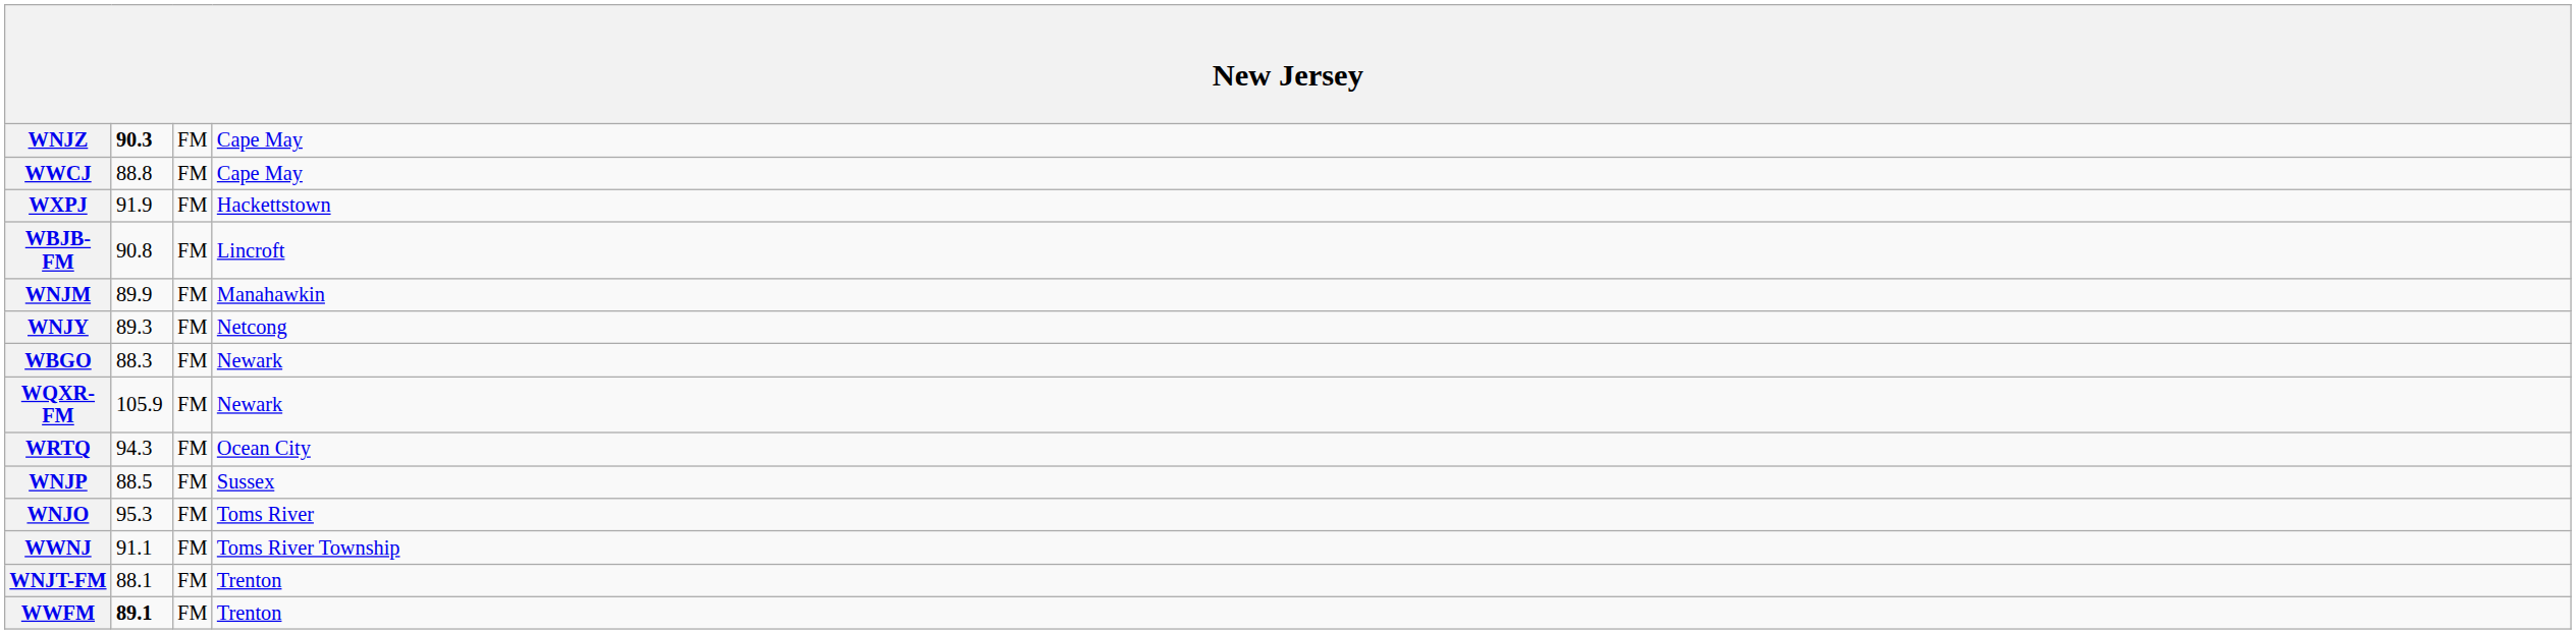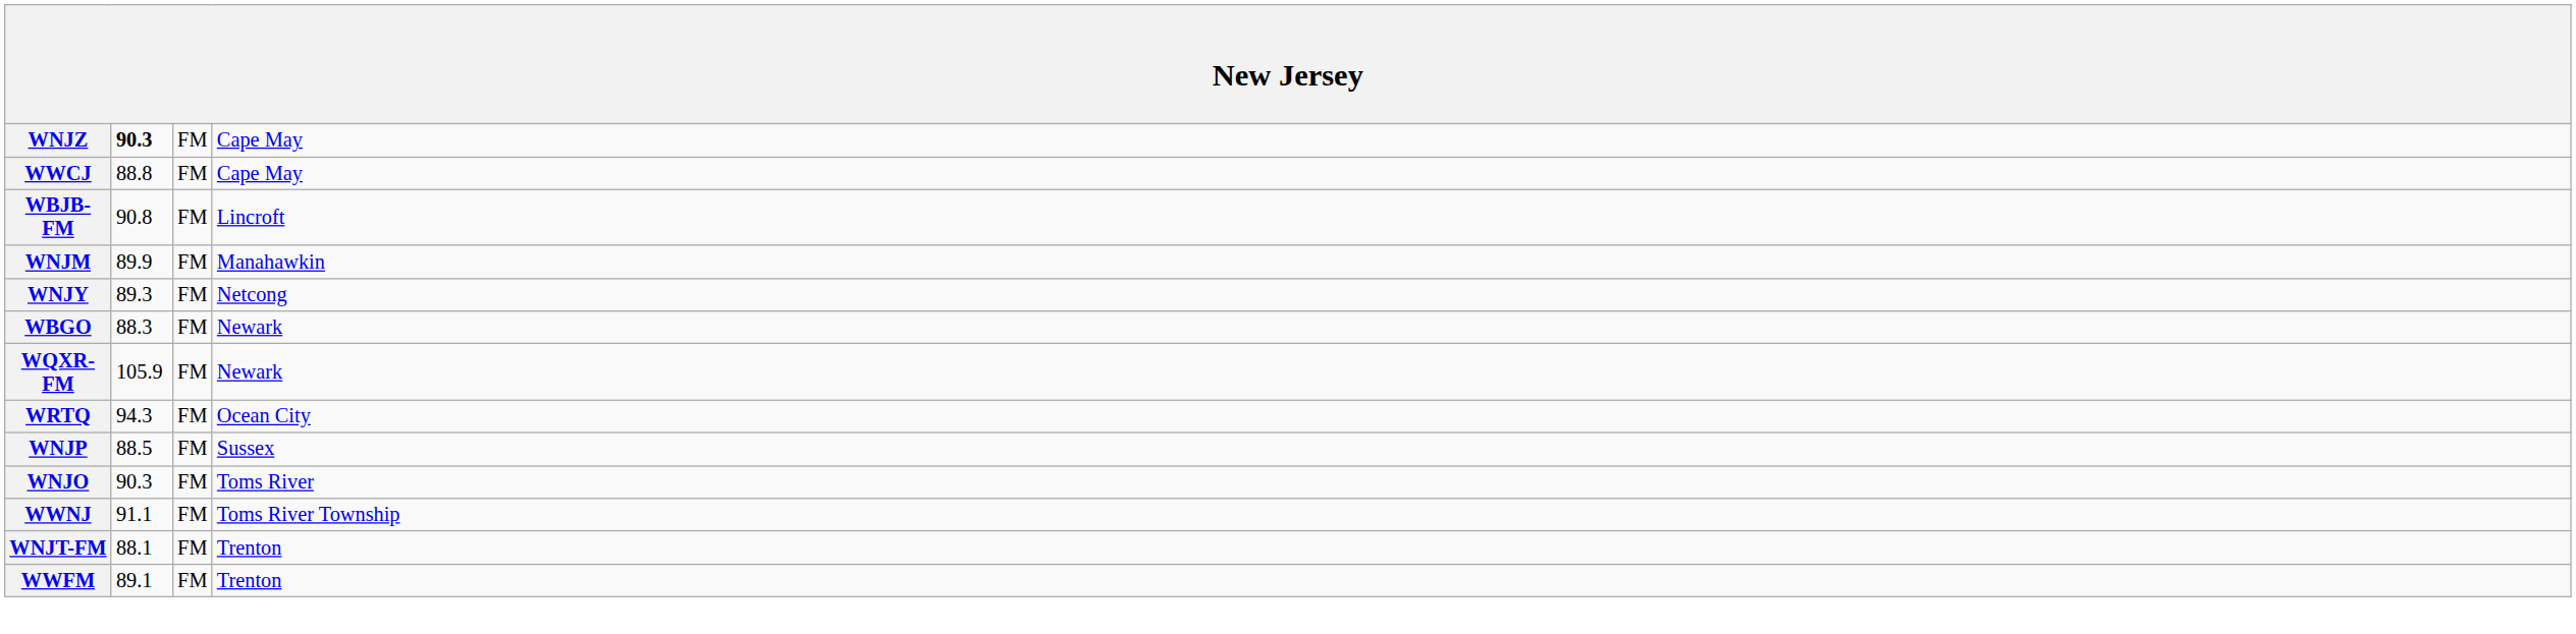 <table class="wikitable mw-collapsible" style="width:100%">
 <tr>
 <th scope="col" colspan="4"><br><h2>New Jersey</h2></th>
 </tr>
 <tr>
 <th scope="row" style="width: 75px;"><a href='#'>WNJZ</a></th>
 <td style="width: 40px;"><strong>90.3</strong></td>
 <td style="width: 21px;">FM</td>
 <td><a href='#'>Cape May</a></td>
 </tr>
 <tr>
 <th scope="row"><a href='#'>WWCJ</a></th>
 <td>88.8</td>
 <td>FM</td>
 <td><a href='#'>Cape May</a></td>
-</tr>
-<tr>
-<th scope="row"><a href='#'>WXPJ</a></th>
-<td>91.9</td>
-<td>FM</td>
-<td><a href='#'>Hackettstown</a></td>
 </tr>
 <tr>
 <th scope="row"><a href='#'>WBJB-FM</a></th>
 <td>90.8</td>
 <td>FM</td>
 <td><a href='#'>Lincroft</a></td>
 </tr>
 <tr>
 <th scope="row"><a href='#'>WNJM</a></th>
 <td>89.9</td>
 <td>FM</td>
 <td><a href='#'>Manahawkin</a></td>
 </tr>
 <tr>
 <th scope="row"><a href='#'>WNJY</a></th>
 <td>89.3</td>
 <td>FM</td>
 <td><a href='#'>Netcong</a></td>
 </tr>
 <tr>
 <th scope="row"><a href='#'>WBGO</a></th>
 <td>88.3</td>
 <td>FM</td>
 <td><a href='#'>Newark</a></td>
 </tr>
 <tr>
 <th scope="row"><a href='#'>WQXR-FM</a></th>
 <td>105.9</td>
 <td>FM</td>
 <td><a href='#'>Newark</a></td>
 </tr>
 <tr>
 <th scope="row"><a href='#'>WRTQ</a></th>
 <td>94.3</td>
 <td>FM</td>
 <td><a href='#'>Ocean City</a></td>
 </tr>
 <tr>
 <th scope="row"><a href='#'>WNJP</a></th>
 <td>88.5</td>
 <td>FM</td>
 <td><a href='#'>Sussex</a></td>
 </tr>
 <tr>
 <th scope="row"><a href='#'>WNJO</a></th>
-<td>95.3</td>
+<td>90.3</td>
 <td>FM</td>
 <td><a href='#'>Toms River</a></td>
 </tr>
 <tr>
 <th scope="row"><a href='#'>WWNJ</a></th>
 <td>91.1</td>
 <td>FM</td>
 <td><a href='#'>Toms River Township</a></td>
 </tr>
 <tr>
 <th scope="row"><a href='#'>WNJT-FM</a></th>
 <td>88.1</td>
 <td>FM</td>
 <td><a href='#'>Trenton</a></td>
 </tr>
 <tr>
 <th scope="row"><a href='#'>WWFM</a></th>
-<td><strong>89.1</strong></td>
+<td>89.1</td>
 <td>FM</td>
 <td><a href='#'>Trenton</a></td>
 </tr>
 </table>
